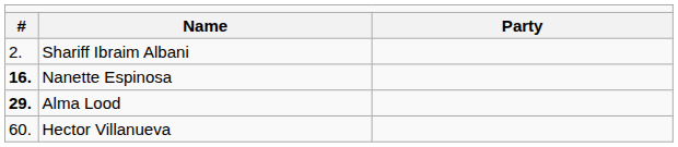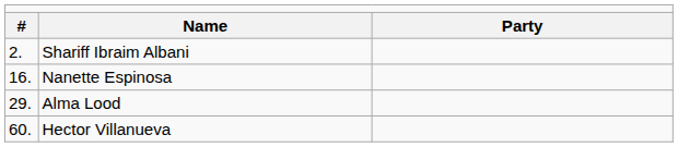 <table class=wikitable width=99% style="font-size:95%">
 <tr>
 <td colspan=4 bgcolor=></td>
 </tr>
 <tr>
 <th width=5%>#</th>
 <th width=50%>Name</th>
 <th colspan=2>Party</th>
 </tr>
 <tr>
 <td>2.</td>
 <td>Shariff Ibraim Albani</td>
 <td></td>
 </tr>
 <tr>
-<td><strong>16.</strong></td>
+<td>16.</td>
 <td>Nanette Espinosa</td>
 <td></td>
 </tr>
 <tr>
-<td><strong>29.</strong></td>
+<td>29.</td>
 <td>Alma Lood</td>
 <td></td>
 </tr>
 <tr>
 <td>60.</td>
 <td>Hector Villanueva</td>
 <td></td>
 </tr>
 </table>
